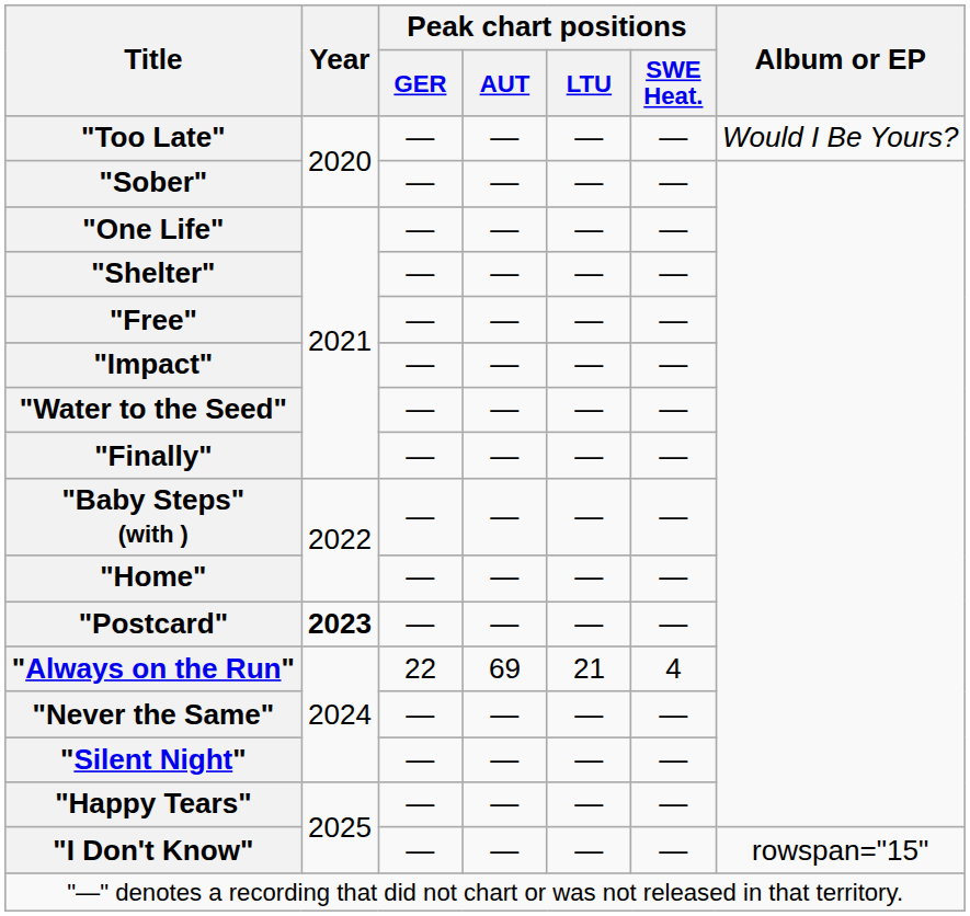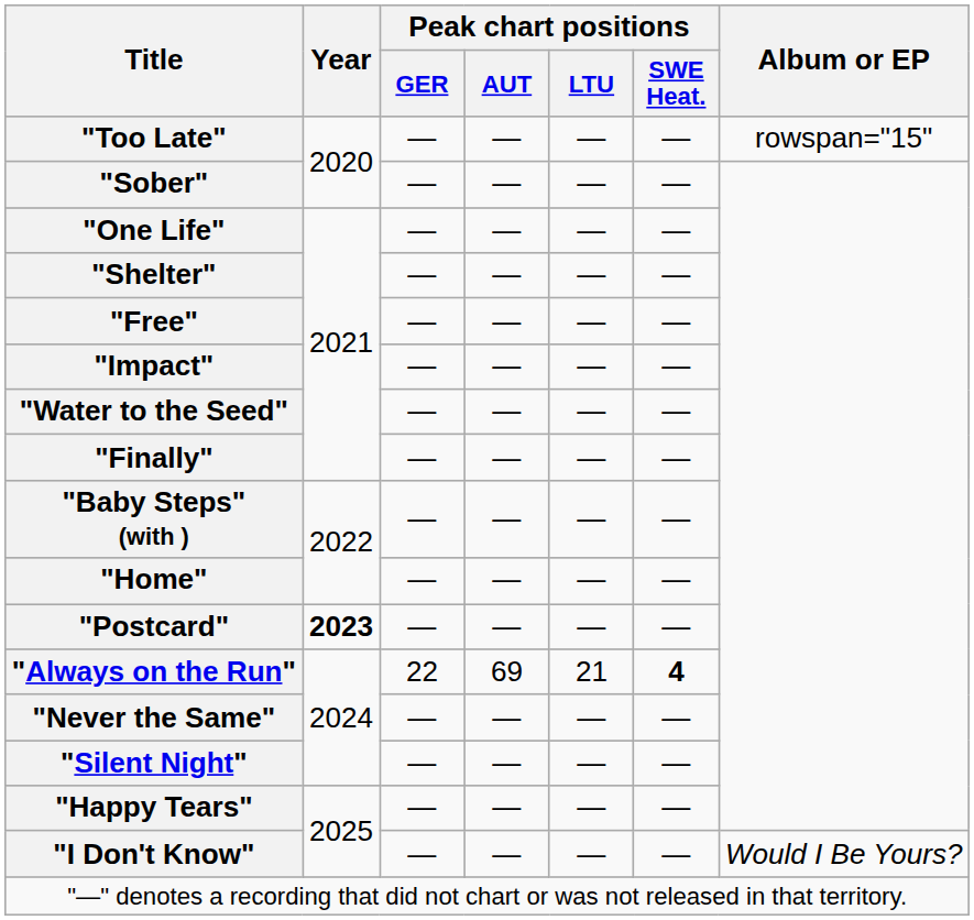 <table class="wikitable plainrowheaders" style="text-align:center;">
 <tr>
 <th scope="col" rowspan="2">Title</th>
 <th scope="col" rowspan="2">Year</th>
 <th scope="col" colspan="4">Peak chart positions</th>
 <th scope="col" rowspan="2">Album or EP</th>
 </tr>
 <tr>
 <th scope="col" style="width:3em;font-size:85%;"><a href='#'>GER</a><br></th>
 <th scope="col" style="width:3em;font-size:85%;"><a href='#'>AUT</a><br></th>
 <th scope="col" style="width:3em;font-size:85%;"><a href='#'>LTU</a><br></th>
 <th scope="col" style="width:3em;font-size:85%;"><a href='#'>SWE<br>Heat.</a><br></th>
 </tr>
 <tr>
 <th scope="row">"Too Late"</th>
 <td rowspan="2">2020</td>
 <td>—</td>
 <td>—</td>
 <td>—</td>
 <td>—</td>
-<td rowspan="1"><em>Would I Be Yours?</em></td>
+<td>rowspan="15" </td>
 </tr>
 <tr>
 <th scope="row">"Sober"</th>
 <td>—</td>
 <td>—</td>
 <td>—</td>
 <td>—</td>
 </tr>
 <tr>
 <th scope="row">"One Life"</th>
 <td rowspan="6">2021</td>
 <td>—</td>
 <td>—</td>
 <td>—</td>
 <td>—</td>
 </tr>
 <tr>
 <th scope="row">"Shelter"</th>
 <td>—</td>
 <td>—</td>
 <td>—</td>
 <td>—</td>
 </tr>
 <tr>
 <th scope="row">"Free"</th>
 <td>—</td>
 <td>—</td>
 <td>—</td>
 <td>—</td>
 </tr>
 <tr>
 <th scope="row">"Impact"</th>
 <td>—</td>
 <td>—</td>
 <td>—</td>
 <td>—</td>
 </tr>
 <tr>
 <th scope="row">"Water to the Seed"</th>
 <td>—</td>
 <td>—</td>
 <td>—</td>
 <td>—</td>
 </tr>
 <tr>
 <th scope="row">"Finally"</th>
 <td>—</td>
 <td>—</td>
 <td>—</td>
 <td>—</td>
 </tr>
 <tr>
 <th scope="row">"Baby Steps"<br><small>(with )</small></th>
 <td rowspan="2">2022</td>
 <td>—</td>
 <td>—</td>
 <td>—</td>
 <td>—</td>
 </tr>
 <tr>
 <th scope="row">"Home"</th>
 <td>—</td>
 <td>—</td>
 <td>—</td>
 <td>—</td>
 </tr>
 <tr>
 <th scope="row">"Postcard"</th>
 <td><strong>2023</strong></td>
 <td>—</td>
 <td>—</td>
 <td>—</td>
 <td>—</td>
 </tr>
 <tr>
 <th scope="row">"<a href='#'>Always on the Run</a>"</th>
 <td rowspan="3">2024</td>
 <td>22</td>
 <td>69</td>
 <td>21</td>
-<td>4</td>
+<td><strong>4</strong></td>
 </tr>
 <tr>
 <th scope="row">"Never the Same"</th>
 <td>—</td>
 <td>—</td>
 <td>—</td>
 <td>—</td>
 </tr>
 <tr>
 <th scope="row">"<a href='#'>Silent Night</a>"</th>
 <td>—</td>
 <td>—</td>
 <td>—</td>
 <td>—</td>
 </tr>
 <tr>
 <th scope="row">"Happy Tears"</th>
 <td rowspan="2">2025</td>
 <td>—</td>
 <td>—</td>
 <td>—</td>
 <td>—</td>
 </tr>
 <tr>
 <th scope="row">"I Don't Know"</th>
 <td>—</td>
 <td>—</td>
 <td>—</td>
 <td>—</td>
-<td>rowspan="15" </td>
+<td rowspan="1"><em>Would I Be Yours?</em></td>
 </tr>
 <tr>
 <td colspan="7" style="font-size:85%">"—" denotes a recording that did not chart or was not released in that territory.</td>
 </tr>
 </table>
